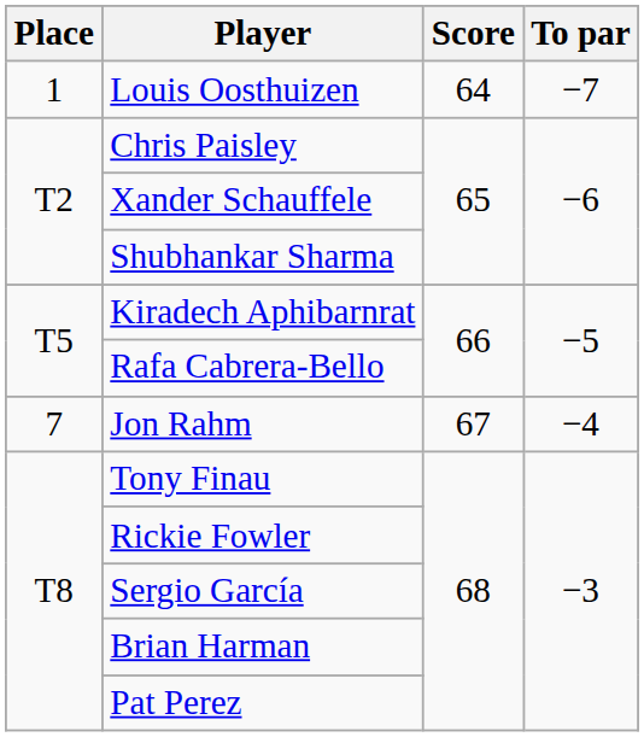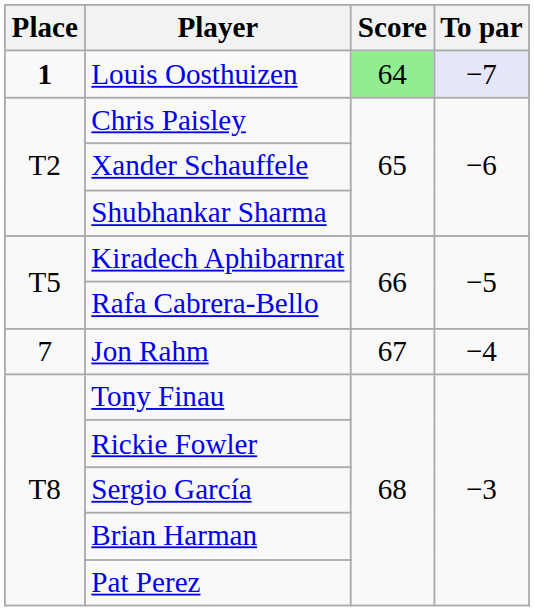 <table class="wikitable">
 <tr>
 <th>Place</th>
 <th>Player</th>
 <th>Score</th>
 <th>To par</th>
 </tr>
 <tr>
-<td align=center>1</td>
+<td align=center><strong>1</strong></td>
 <td> <a href='#'>Louis Oosthuizen</a></td>
-<td align=center>64</td>
-<td align=center>−7</td>
+<td align=center style="background: lightgreen;">64</td>
+<td align=center style="background: lavender;">−7</td>
 </tr>
 <tr>
 <td rowspan=3 align=center>T2</td>
 <td> <a href='#'>Chris Paisley</a></td>
 <td rowspan=3 align=center>65</td>
 <td rowspan=3 align=center>−6</td>
 </tr>
 <tr>
 <td> <a href='#'>Xander Schauffele</a></td>
 </tr>
 <tr>
 <td> <a href='#'>Shubhankar Sharma</a></td>
 </tr>
 <tr>
 <td rowspan=2 align=center>T5</td>
 <td> <a href='#'>Kiradech Aphibarnrat</a></td>
 <td rowspan=2 align=center>66</td>
 <td rowspan=2 align=center>−5</td>
 </tr>
 <tr>
 <td> <a href='#'>Rafa Cabrera-Bello</a></td>
 </tr>
 <tr>
 <td align=center>7</td>
 <td> <a href='#'>Jon Rahm</a></td>
 <td align=center>67</td>
 <td align=center>−4</td>
 </tr>
 <tr>
 <td rowspan=5 align=center>T8</td>
 <td> <a href='#'>Tony Finau</a></td>
 <td rowspan=5 align=center>68</td>
 <td rowspan=5 align=center>−3</td>
 </tr>
 <tr>
 <td> <a href='#'>Rickie Fowler</a></td>
 </tr>
 <tr>
 <td> <a href='#'>Sergio García</a></td>
 </tr>
 <tr>
 <td> <a href='#'>Brian Harman</a></td>
 </tr>
 <tr>
 <td> <a href='#'>Pat Perez</a></td>
 </tr>
 </table>
